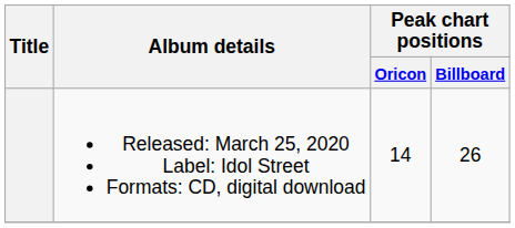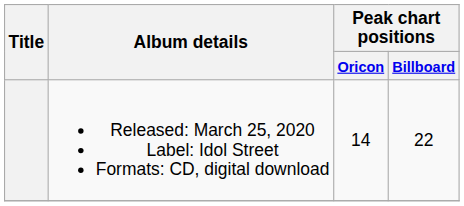 <table class="wikitable plainrowheaders" style="text-align:center;">
 <tr>
 <th scope="col" rowspan="2">Title</th>
 <th scope="col" rowspan="2">Album details</th>
 <th scope="col" colspan="2">Peak chart positions</th>
 </tr>
 <tr>
 <th scope="col" style="width:2.5em;"><small><a href='#'>Oricon</a></small></th>
 <th scope="col" style="width:2.5em;"><small><a href='#'>Billboard</a></small></th>
 </tr>
 <tr>
 <th scope="row"></th>
 <td><br><ul><li>Released: March 25, 2020</li><li>Label: Idol Street</li><li>Formats: CD, digital download</li></ul></td>
 <td>14</td>
-<td>26</td>
+<td>22</td>
 </tr>
 <tr>
 </tr>
 </table>
